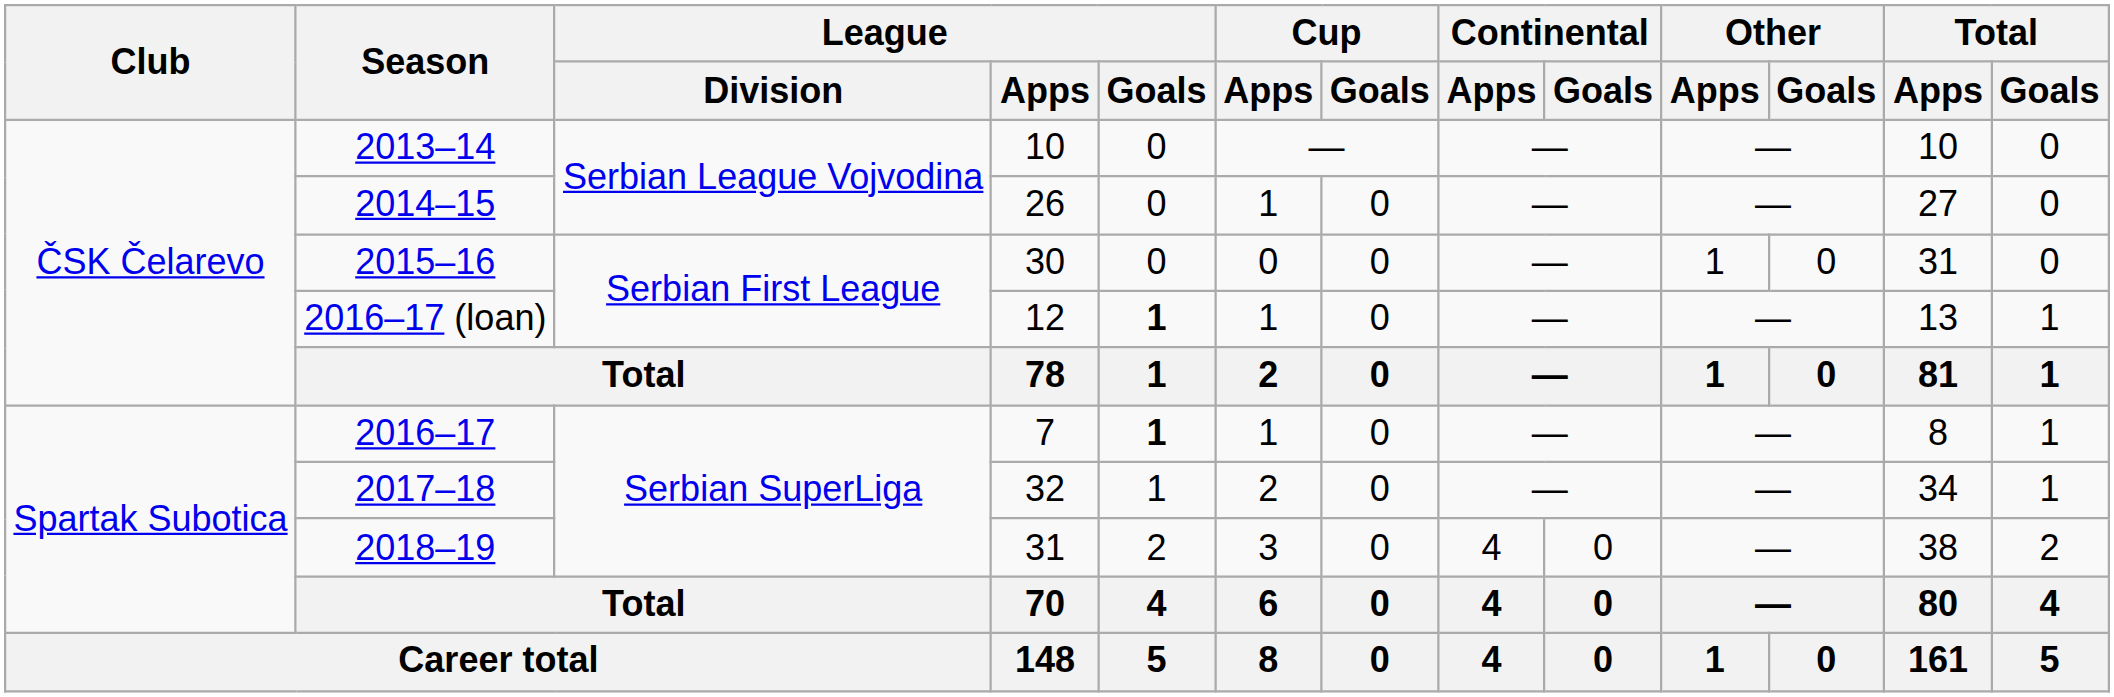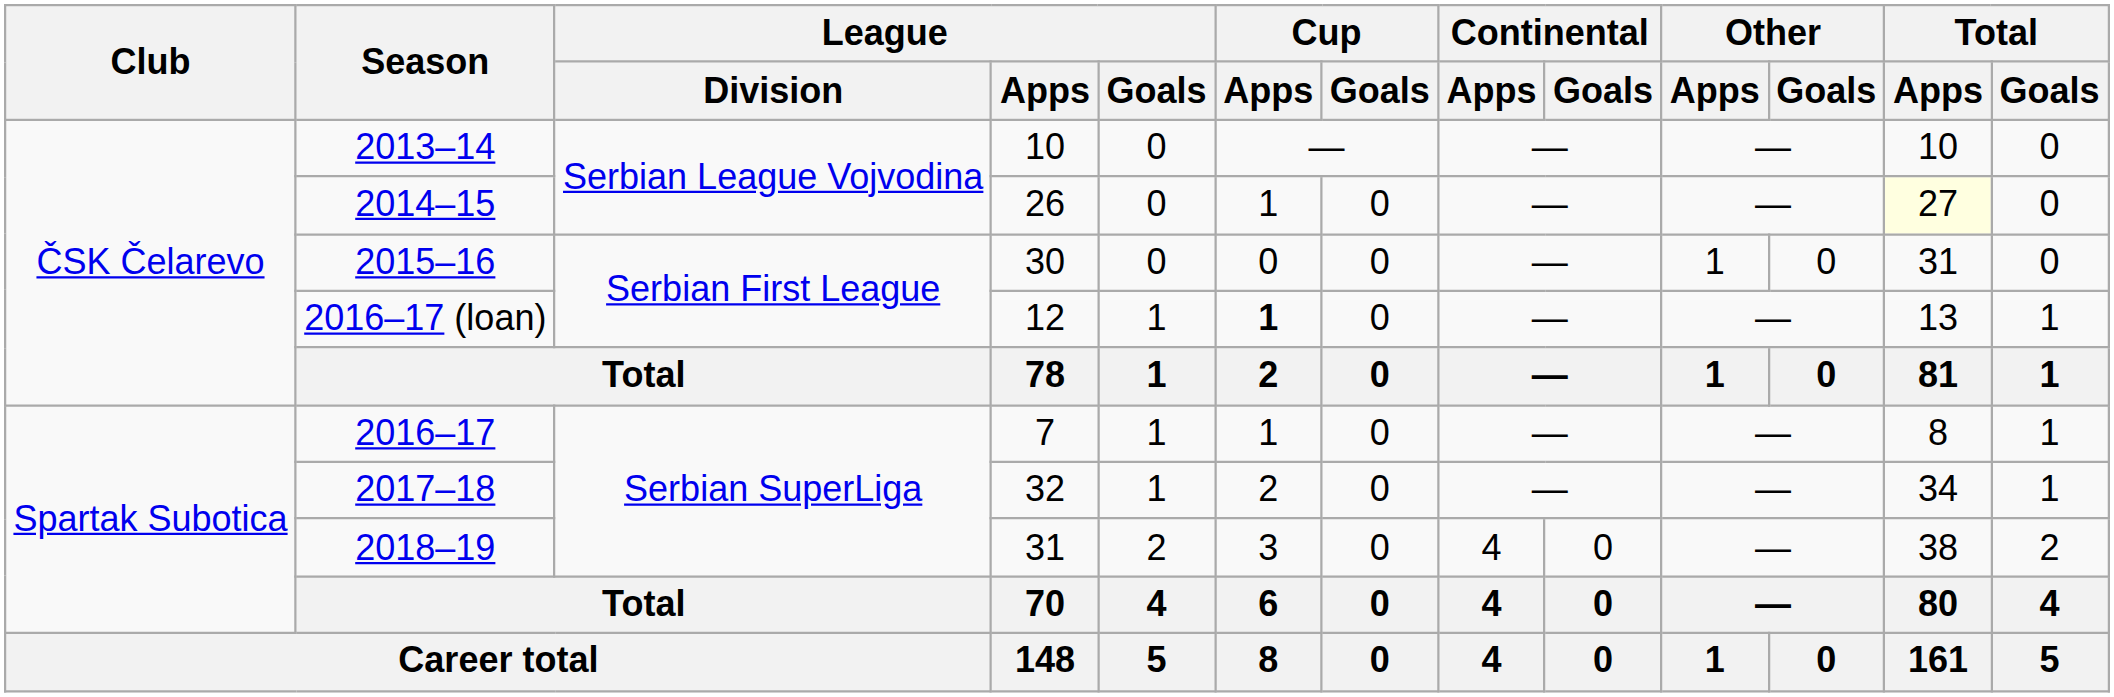 <table class="wikitable" style="text-align:center">
 <tr>
 <th rowspan="2">Club</th>
 <th rowspan="2">Season</th>
 <th colspan="3">League</th>
 <th colspan="2">Cup</th>
 <th colspan="2">Continental</th>
 <th colspan="2">Other</th>
 <th colspan="2">Total</th>
 </tr>
 <tr>
 <th>Division</th>
 <th>Apps</th>
 <th>Goals</th>
 <th>Apps</th>
 <th>Goals</th>
 <th>Apps</th>
 <th>Goals</th>
 <th>Apps</th>
 <th>Goals</th>
 <th>Apps</th>
 <th>Goals</th>
 </tr>
 <tr>
 <td rowspan="5"><a href='#'>ČSK Čelarevo</a></td>
 <td><a href='#'>2013–14</a></td>
 <td rowspan=2><a href='#'>Serbian League Vojvodina</a></td>
 <td>10</td>
 <td>0</td>
 <td colspan="2">—</td>
 <td colspan="2">—</td>
 <td colspan="2">—</td>
 <td>10</td>
 <td>0</td>
 </tr>
 <tr>
 <td><a href='#'>2014–15</a></td>
 <td>26</td>
 <td>0</td>
 <td>1</td>
 <td>0</td>
 <td colspan="2">—</td>
 <td colspan="2">—</td>
-<td>27</td>
+<td style="background: lightyellow;">27</td>
 <td>0</td>
 </tr>
 <tr>
 <td><a href='#'>2015–16</a></td>
 <td rowspan=2><a href='#'>Serbian First League</a></td>
 <td>30</td>
 <td>0</td>
 <td>0</td>
 <td>0</td>
 <td colspan="2">—</td>
 <td>1</td>
 <td>0</td>
 <td>31</td>
 <td>0</td>
 </tr>
 <tr>
 <td><a href='#'>2016–17</a> (loan)</td>
 <td>12</td>
+<td>1</td>
 <td><strong>1</strong></td>
-<td>1</td>
 <td>0</td>
 <td colspan="2">—</td>
 <td colspan="2">—</td>
 <td>13</td>
 <td>1</td>
 </tr>
 <tr>
 <th colspan="2">Total</th>
 <th>78</th>
 <th>1</th>
 <th>2</th>
 <th>0</th>
 <th colspan="2">—</th>
 <th>1</th>
 <th>0</th>
 <th>81</th>
 <th>1</th>
 </tr>
 <tr>
 <td rowspan="4"><a href='#'>Spartak Subotica</a></td>
 <td><a href='#'>2016–17</a></td>
 <td rowspan=3><a href='#'>Serbian SuperLiga</a></td>
 <td>7</td>
-<td><strong>1</strong></td>
+<td>1</td>
 <td>1</td>
 <td>0</td>
 <td colspan="2">—</td>
 <td colspan="2">—</td>
 <td>8</td>
 <td>1</td>
 </tr>
 <tr>
 <td><a href='#'>2017–18</a></td>
 <td>32</td>
 <td>1</td>
 <td>2</td>
 <td>0</td>
 <td colspan="2">—</td>
 <td colspan="2">—</td>
 <td>34</td>
 <td>1</td>
 </tr>
 <tr>
 <td><a href='#'>2018–19</a></td>
 <td>31</td>
 <td>2</td>
 <td>3</td>
 <td>0</td>
 <td>4</td>
 <td>0</td>
 <td colspan="2">—</td>
 <td>38</td>
 <td>2</td>
 </tr>
 <tr>
 <th colspan="2">Total</th>
 <th>70</th>
 <th>4</th>
 <th>6</th>
 <th>0</th>
 <th>4</th>
 <th>0</th>
 <th colspan="2">—</th>
 <th>80</th>
 <th>4</th>
 </tr>
 <tr>
 <th colspan="3">Career total</th>
 <th>148</th>
 <th>5</th>
 <th>8</th>
 <th>0</th>
 <th>4</th>
 <th>0</th>
 <th>1</th>
 <th>0</th>
 <th>161</th>
 <th>5</th>
 </tr>
 </table>
